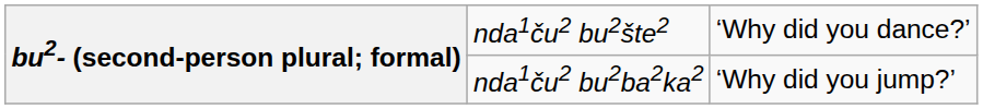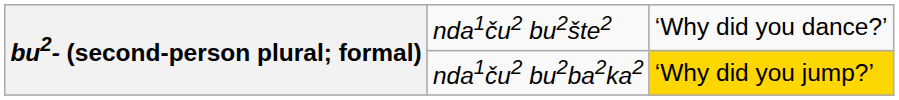 <table class="wikitable">
 <tr>
 <th rowspan="2"><em>bu<sup>2</sup>-</em> (second-person  plural; formal)</th>
 <td><em>nda<sup>1</sup>ču<sup>2</sup>  bu<sup>2</sup>šte<sup>2</sup></em></td>
 <td>‘Why did you  dance?’</td>
 </tr>
 <tr>
 <td><em>nda<sup>1</sup>ču<sup>2</sup>  bu<sup>2</sup>ba<sup>2</sup>ka<sup>2</sup></em></td>
-<td>‘Why did you jump?’</td>
+<td style="background: gold;">‘Why did you jump?’</td>
 </tr>
 </table>
